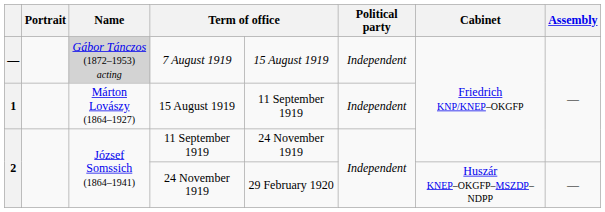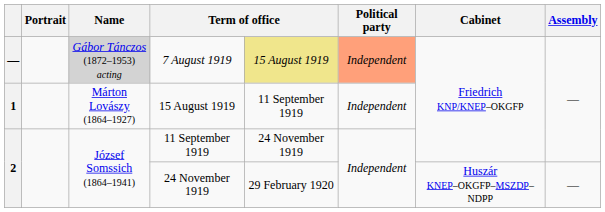 <table class="wikitable" style="width:90%; text-align:center;">
 <tr>
 <th></th>
 <th>Portrait</th>
 <th>Name<br></th>
 <th colspan=2>Term of office</th>
 <th>Political party</th>
 <th>Cabinet</th>
 <th><a href='#'>Assembly</a><br></th>
 </tr>
 <tr>
 <th style="background:">—</th>
 <td></td>
 <td style="background: lightgrey;"><em><a href='#'>Gábor Tánczos</a></em><br><small>(1872–1953)<br><em>acting</em></small></td>
 <td><em>7 August 1919</em></td>
-<td><em>15 August 1919</em></td>
-<td><em>Independent</em></td>
+<td style="background: khaki;"><em>15 August 1919</em></td>
+<td style="background: lightsalmon;"><em>Independent</em></td>
 <td rowspan="3"><a href='#'>Friedrich</a><br><small><a href='#'>KNP/KNEP</a>–OKGFP</small></td>
 <td rowspan="3">—</td>
 </tr>
 <tr>
 <th style="background:">1</th>
 <td></td>
 <td><a href='#'>Márton Lovászy</a><br><small>(1864–1927)</small></td>
 <td>15 August 1919</td>
 <td>11 September 1919</td>
 <td><em>Independent</em></td>
 </tr>
 <tr>
 <th rowspan="2" style="background:">2</th>
 <td rowspan="2"></td>
 <td rowspan="2"><a href='#'>József Somssich</a><br><small>(1864–1941)</small></td>
 <td>11 September 1919</td>
 <td>24 November 1919</td>
 <td rowspan="2"><em>Independent</em></td>
 </tr>
 <tr>
 <td>24 November 1919</td>
 <td>29 February 1920</td>
 <td><a href='#'>Huszár</a><br><small><a href='#'>KNEP</a>–OKGFP–<a href='#'>MSZDP</a>–NDPP</small></td>
 <td>—</td>
 </tr>
 </table>
